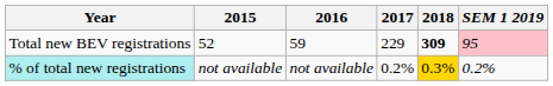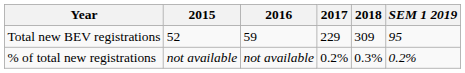 <table class="wikitable">
 <tr>
 <th>Year</th>
 <th>2015</th>
 <th>2016</th>
 <th>2017</th>
 <th>2018</th>
 <th><em>SEM 1 2019</em></th>
 </tr>
 <tr>
 <td>Total new BEV registrations</td>
 <td>52</td>
 <td>59</td>
 <td>229</td>
-<td><strong>309</strong></td>
-<td style="background: pink;"><em>95</em></td>
+<td>309</td>
+<td><em>95</em></td>
 </tr>
 <tr>
-<td style="background: paleturquoise;">% of total new registrations</td>
+<td>% of total new registrations</td>
 <td><em>not available</em></td>
 <td><em>not available</em></td>
 <td>0.2%</td>
-<td style="background: gold;">0.3%</td>
+<td>0.3%</td>
 <td><em>0.2%</em></td>
 </tr>
 </table>
